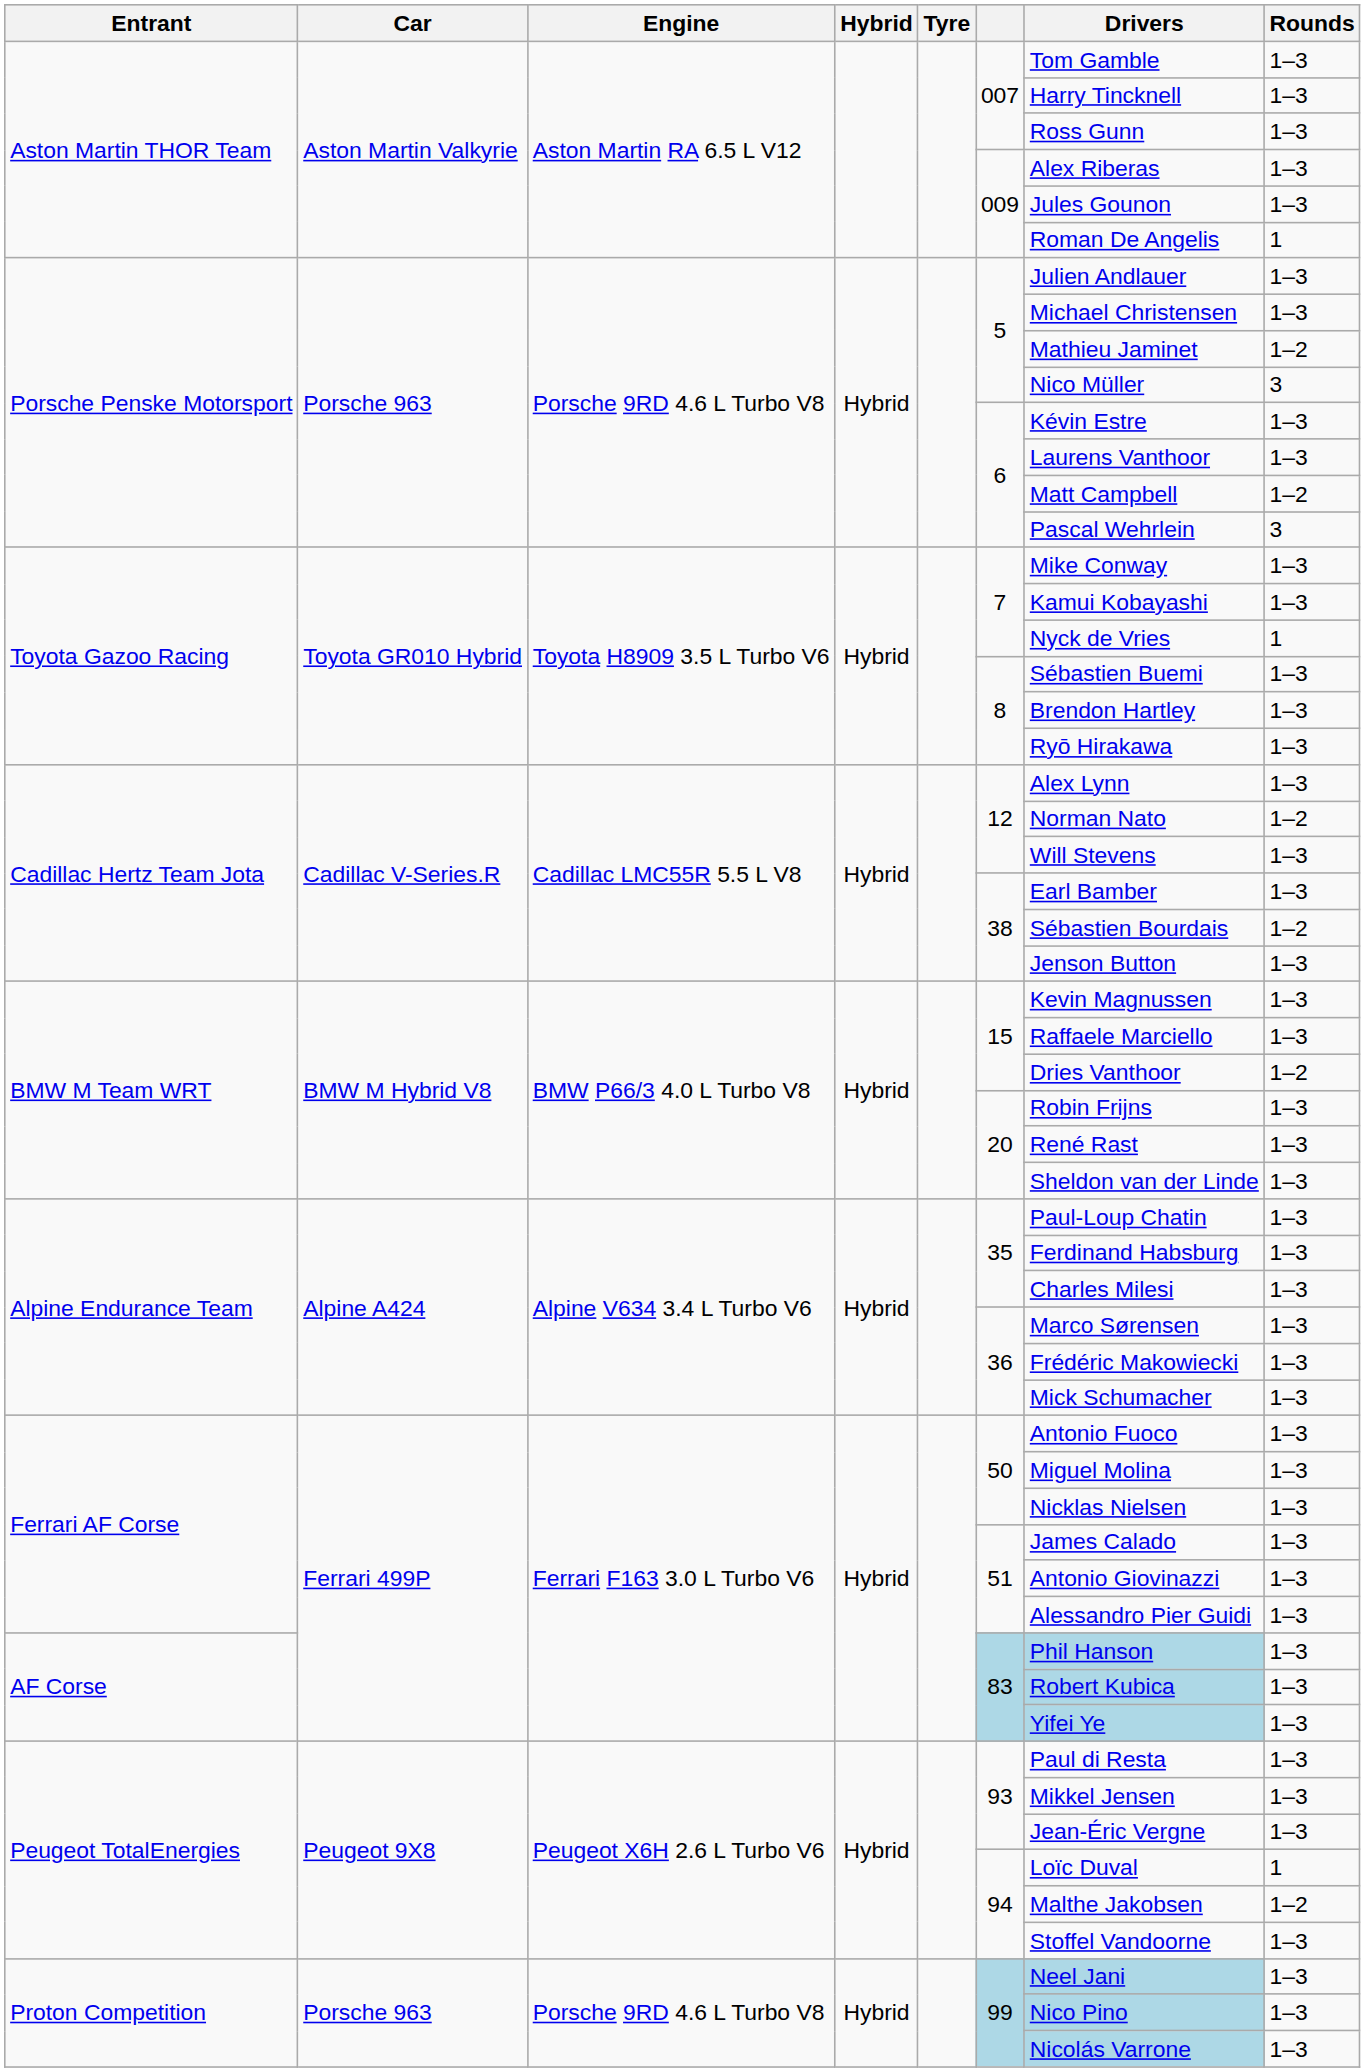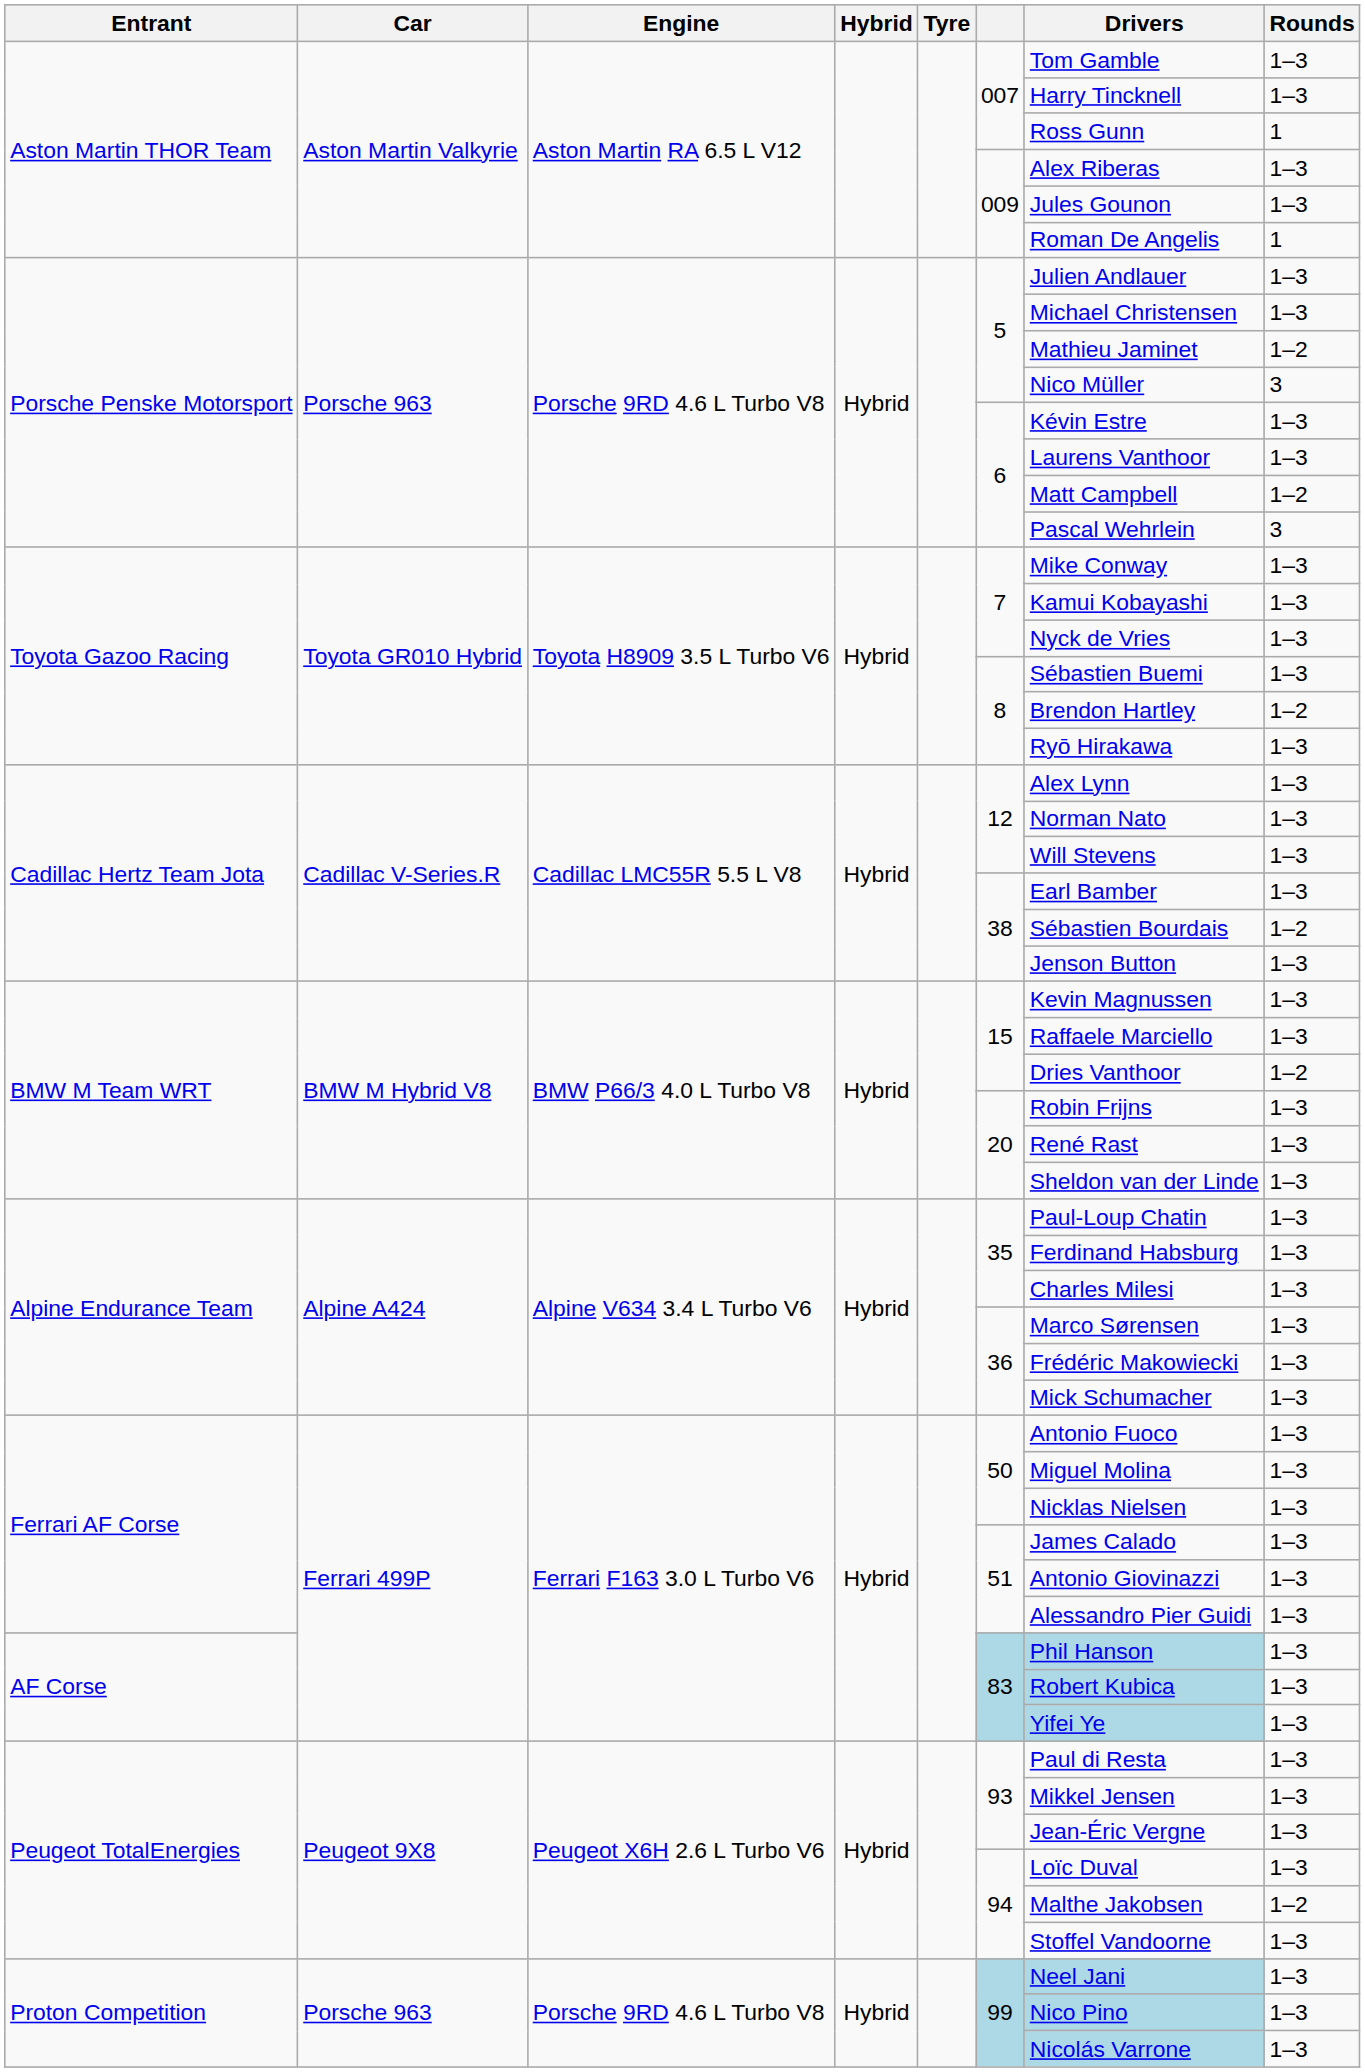 <table class="wikitable" style="font-size:90%;">
 <tr>
 <th>Entrant</th>
 <th>Car</th>
 <th>Engine</th>
 <th>Hybrid</th>
 <th>Tyre</th>
 <th></th>
 <th>Drivers</th>
 <th>Rounds</th>
 </tr>
 <tr>
 <td rowspan="6"> <a href='#'>Aston Martin THOR Team</a></td>
 <td rowspan="6"><a href='#'>Aston Martin Valkyrie</a></td>
 <td rowspan="6"><a href='#'>Aston Martin</a> <a href='#'>RA</a> 6.5 L V12</td>
 <td rowspan="6" align="center"></td>
 <td rowspan="6" align="center"></td>
 <td rowspan="3" align="center">007</td>
 <td> <a href='#'>Tom Gamble</a></td>
 <td>1–3</td>
 </tr>
 <tr>
 <td> <a href='#'>Harry Tincknell</a></td>
 <td>1–3</td>
 </tr>
 <tr>
 <td> <a href='#'>Ross Gunn</a></td>
-<td>1–3</td>
+<td>1</td>
 </tr>
 <tr>
 <td rowspan="3" align="center">009</td>
 <td> <a href='#'>Alex Riberas</a></td>
 <td>1–3</td>
 </tr>
 <tr>
 <td> <a href='#'>Jules Gounon</a></td>
 <td>1–3</td>
 </tr>
 <tr>
 <td> <a href='#'>Roman De Angelis</a></td>
 <td>1</td>
 </tr>
 <tr>
 <td rowspan="8"> <a href='#'>Porsche Penske Motorsport</a></td>
 <td rowspan="8"><a href='#'>Porsche 963</a></td>
 <td rowspan="8"><a href='#'>Porsche</a> <a href='#'>9RD</a> 4.6 L Turbo V8</td>
 <td rowspan="8" align="center">Hybrid</td>
 <td rowspan="8" align="center"></td>
 <td rowspan="4" align="center">5</td>
 <td> <a href='#'>Julien Andlauer</a></td>
 <td>1–3</td>
 </tr>
 <tr>
 <td> <a href='#'>Michael Christensen</a></td>
 <td>1–3</td>
 </tr>
 <tr>
 <td> <a href='#'>Mathieu Jaminet</a></td>
 <td>1–2</td>
 </tr>
 <tr>
 <td> <a href='#'>Nico Müller</a></td>
 <td>3</td>
 </tr>
 <tr>
 <td rowspan="4" align="center">6</td>
 <td> <a href='#'>Kévin Estre</a></td>
 <td>1–3</td>
 </tr>
 <tr>
 <td> <a href='#'>Laurens Vanthoor</a></td>
 <td>1–3</td>
 </tr>
 <tr>
 <td> <a href='#'>Matt Campbell</a></td>
 <td>1–2</td>
 </tr>
 <tr>
 <td> <a href='#'>Pascal Wehrlein</a></td>
 <td>3</td>
 </tr>
 <tr>
 <td rowspan="6"> <a href='#'>Toyota Gazoo Racing</a></td>
 <td rowspan="6"><a href='#'>Toyota GR010 Hybrid</a></td>
 <td rowspan="6"><a href='#'>Toyota</a> <a href='#'>H8909</a> 3.5 L Turbo V6</td>
 <td rowspan="6" align="center">Hybrid</td>
 <td rowspan="6" align="center"></td>
 <td rowspan="3" align="center">7</td>
 <td> <a href='#'>Mike Conway</a></td>
 <td>1–3</td>
 </tr>
 <tr>
 <td> <a href='#'>Kamui Kobayashi</a></td>
 <td>1–3</td>
 </tr>
 <tr>
 <td> <a href='#'>Nyck de Vries</a></td>
-<td>1</td>
+<td>1–3</td>
 </tr>
 <tr>
 <td rowspan="3" align="center">8</td>
 <td> <a href='#'>Sébastien Buemi</a></td>
 <td>1–3</td>
 </tr>
 <tr>
 <td> <a href='#'>Brendon Hartley</a></td>
-<td>1–3</td>
+<td>1–2</td>
 </tr>
 <tr>
 <td> <a href='#'>Ryō Hirakawa</a></td>
 <td>1–3</td>
 </tr>
 <tr>
 <td rowspan="6"> <a href='#'>Cadillac Hertz Team Jota</a></td>
 <td rowspan="6"><a href='#'>Cadillac V-Series.R</a></td>
 <td rowspan="6"><a href='#'>Cadillac LMC55R</a> 5.5 L V8</td>
 <td rowspan="6" align="center">Hybrid</td>
 <td rowspan="6" align="center"></td>
 <td rowspan="3" align="center">12</td>
 <td> <a href='#'>Alex Lynn</a></td>
 <td>1–3</td>
 </tr>
 <tr>
 <td> <a href='#'>Norman Nato</a></td>
-<td>1–2</td>
+<td>1–3</td>
 </tr>
 <tr>
 <td> <a href='#'>Will Stevens</a></td>
 <td>1–3</td>
 </tr>
 <tr>
 <td rowspan="3" align="center">38</td>
 <td> <a href='#'>Earl Bamber</a></td>
 <td>1–3</td>
 </tr>
 <tr>
 <td> <a href='#'>Sébastien Bourdais</a></td>
 <td>1–2</td>
 </tr>
 <tr>
 <td> <a href='#'>Jenson Button</a></td>
 <td>1–3</td>
 </tr>
 <tr>
 <td rowspan="6"> <a href='#'>BMW M Team WRT</a></td>
 <td rowspan="6"><a href='#'>BMW M Hybrid V8</a></td>
 <td rowspan="6"><a href='#'>BMW</a> <a href='#'>P66/3</a> 4.0 L Turbo V8</td>
 <td rowspan="6" align="center">Hybrid</td>
 <td rowspan="6" align="center"></td>
 <td rowspan="3" align="center">15</td>
 <td> <a href='#'>Kevin Magnussen</a></td>
 <td>1–3</td>
 </tr>
 <tr>
 <td> <a href='#'>Raffaele Marciello</a></td>
 <td>1–3</td>
 </tr>
 <tr>
 <td> <a href='#'>Dries Vanthoor</a></td>
 <td>1–2</td>
 </tr>
 <tr>
 <td rowspan="3" align="center">20</td>
 <td> <a href='#'>Robin Frijns</a></td>
 <td>1–3</td>
 </tr>
 <tr>
 <td> <a href='#'>René Rast</a></td>
 <td>1–3</td>
 </tr>
 <tr>
 <td nowrap> <a href='#'>Sheldon van der Linde</a></td>
 <td>1–3</td>
 </tr>
 <tr>
 <td rowspan="6"> <a href='#'>Alpine Endurance Team</a></td>
 <td rowspan="6"><a href='#'>Alpine A424</a></td>
 <td rowspan="6"><a href='#'>Alpine</a> <a href='#'>V634</a> 3.4 L Turbo V6</td>
 <td rowspan="6" align="center">Hybrid</td>
 <td rowspan="6" align="center"></td>
 <td rowspan="3" align="center">35</td>
 <td> <a href='#'>Paul-Loup Chatin</a></td>
 <td>1–3</td>
 </tr>
 <tr>
 <td> <a href='#'>Ferdinand Habsburg</a></td>
 <td>1–3</td>
 </tr>
 <tr>
 <td> <a href='#'>Charles Milesi</a></td>
 <td>1–3</td>
 </tr>
 <tr>
 <td rowspan="3" align="center">36</td>
 <td> <a href='#'>Marco Sørensen</a></td>
 <td>1–3</td>
 </tr>
 <tr>
 <td> <a href='#'>Frédéric Makowiecki</a></td>
 <td>1–3</td>
 </tr>
 <tr>
 <td> <a href='#'>Mick Schumacher</a></td>
 <td>1–3</td>
 </tr>
 <tr>
 <td rowspan="6"> <a href='#'>Ferrari AF Corse</a></td>
 <td rowspan="9"><a href='#'>Ferrari 499P</a></td>
 <td rowspan="9"><a href='#'>Ferrari</a> <a href='#'>F163</a> 3.0 L Turbo V6</td>
 <td rowspan="9" align="center">Hybrid</td>
 <td rowspan="9" align="center"></td>
 <td rowspan="3" align="center">50</td>
 <td> <a href='#'>Antonio Fuoco</a></td>
 <td>1–3</td>
 </tr>
 <tr>
 <td> <a href='#'>Miguel Molina</a></td>
 <td>1–3</td>
 </tr>
 <tr>
 <td> <a href='#'>Nicklas Nielsen</a></td>
 <td>1–3</td>
 </tr>
 <tr>
 <td rowspan="3" align="center">51</td>
 <td> <a href='#'>James Calado</a></td>
 <td>1–3</td>
 </tr>
 <tr>
 <td> <a href='#'>Antonio Giovinazzi</a></td>
 <td>1–3</td>
 </tr>
 <tr>
 <td nowrap> <a href='#'>Alessandro Pier Guidi</a></td>
 <td>1–3</td>
 </tr>
 <tr>
 <td rowspan="3"> <a href='#'>AF Corse</a></td>
 <td style="background-color: lightblue;" rowspan="3" align="center">83</td>
 <td style="background-color: lightblue;"> <a href='#'>Phil Hanson</a></td>
 <td>1–3</td>
 </tr>
 <tr>
 <td style="background-color: lightblue;"> <a href='#'>Robert Kubica</a></td>
 <td>1–3</td>
 </tr>
 <tr>
 <td style="background-color: lightblue;"> <a href='#'>Yifei Ye</a></td>
 <td>1–3</td>
 </tr>
 <tr>
 <td rowspan="6"> <a href='#'>Peugeot TotalEnergies</a></td>
 <td rowspan="6"><a href='#'>Peugeot 9X8</a></td>
 <td rowspan="6"><a href='#'>Peugeot X6H</a> 2.6 L Turbo V6</td>
 <td rowspan="6" align="center">Hybrid</td>
 <td rowspan="6" align="center"></td>
 <td rowspan="3" align="center">93</td>
 <td> <a href='#'>Paul di Resta</a></td>
 <td>1–3</td>
 </tr>
 <tr>
 <td> <a href='#'>Mikkel Jensen</a></td>
 <td>1–3</td>
 </tr>
 <tr>
 <td> <a href='#'>Jean-Éric Vergne</a></td>
 <td>1–3</td>
 </tr>
 <tr>
 <td rowspan="3" align="center">94</td>
 <td> <a href='#'>Loïc Duval</a></td>
-<td>1</td>
+<td>1–3</td>
 </tr>
 <tr>
 <td> <a href='#'>Malthe Jakobsen</a></td>
 <td>1–2</td>
 </tr>
 <tr>
 <td> <a href='#'>Stoffel Vandoorne</a></td>
 <td>1–3</td>
 </tr>
 <tr>
 <td rowspan="3"> <a href='#'>Proton Competition</a></td>
 <td rowspan="3"><a href='#'>Porsche 963</a></td>
 <td rowspan="3"><a href='#'>Porsche</a> <a href='#'>9RD</a> 4.6 L Turbo V8</td>
 <td rowspan="3" align="center">Hybrid</td>
 <td rowspan="3" align="center"></td>
 <td style="background-color: lightblue;" rowspan="3" align="center">99</td>
 <td style="background-color: lightblue;"> <a href='#'>Neel Jani</a></td>
 <td>1–3</td>
 </tr>
 <tr>
 <td style="background-color: lightblue;"> <a href='#'>Nico Pino</a></td>
 <td>1–3</td>
 </tr>
 <tr>
 <td style="background-color: lightblue;"> <a href='#'>Nicolás Varrone</a></td>
 <td>1–3</td>
 </tr>
 </table>
